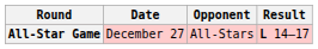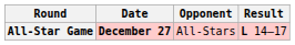 <table class="wikitable" style="text-align:center">
 <tr>
 <th>Round</th>
 <th>Date</th>
 <th>Opponent</th>
 <th>Result</th>
 </tr>
 <tr style="background:#fcc">
 <th>All-Star Game</th>
-<td>December 27</td>
+<td><strong>December 27</strong></td>
 <td>All-Stars</td>
 <td><strong>L</strong> 14–17</td>
 </tr>
 </table>
